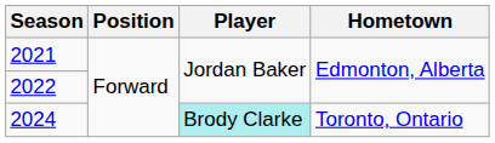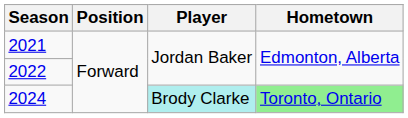 <table class="wikitable">
 <tr>
 <th>Season</th>
 <th>Position</th>
 <th>Player</th>
 <th>Hometown</th>
 </tr>
 <tr>
 <td><a href='#'>2021</a></td>
 <td rowspan="3">Forward</td>
 <td rowspan="2">Jordan Baker</td>
 <td rowspan="2"><a href='#'>Edmonton, Alberta</a></td>
 </tr>
 <tr>
 <td><a href='#'>2022</a></td>
 </tr>
 <tr>
 <td><a href='#'>2024</a></td>
 <td style="background: paleturquoise;">Brody Clarke</td>
-<td><a href='#'>Toronto, Ontario</a></td>
+<td style="background: lightgreen;"><a href='#'>Toronto, Ontario</a></td>
 </tr>
 </table>
